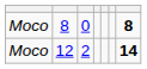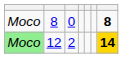 <table class="wikitable" style="text-align:center;">
 <tr>
 <th></th>
 <th></th>
 <th></th>
 <th></th>
 <th></th>
 <th></th>
 <th></th>
 </tr>
 <tr>
 <td><em>Moco</em></td>
 <td><a href='#'>8</a></td>
 <td><a href='#'>0</a></td>
 <td></td>
 <td></td>
 <td></td>
 <td><strong>8</strong></td>
 </tr>
 <tr>
-<td><em>Moco</em></td>
+<td style="background: lightgreen;"><em>Moco</em></td>
 <td><a href='#'>12</a></td>
 <td><a href='#'>2</a></td>
 <td></td>
 <td></td>
 <td></td>
-<td><strong>14</strong></td>
+<td style="background: gold;"><strong>14</strong></td>
 </tr>
 </table>
